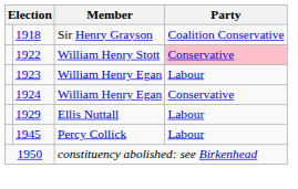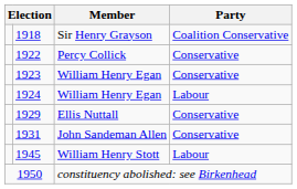 <table class="wikitable">
 <tr>
 <th colspan="2">Election</th>
 <th>Member</th>
 <th>Party</th>
 </tr>
 <tr>
 <td style="color:inherit;background-color: "></td>
 <td><a href='#'>1918</a></td>
 <td>Sir <a href='#'>Henry Grayson</a></td>
 <td><a href='#'>Coalition Conservative</a></td>
 </tr>
 <tr>
 <td style="color:inherit;background-color: "></td>
 <td><a href='#'>1922</a></td>
-<td><a href='#'>William Henry Stott</a></td>
-<td style="background: pink;"><a href='#'>Conservative</a></td>
+<td><a href='#'>Percy Collick</a></td>
+<td><a href='#'>Conservative</a></td>
 </tr>
 <tr>
 <td style="color:inherit;background-color: "></td>
 <td><a href='#'>1923</a></td>
 <td><a href='#'>William Henry Egan</a></td>
-<td><a href='#'>Labour</a></td>
+<td><a href='#'>Conservative</a></td>
 </tr>
 <tr>
 <td style="color:inherit;background-color: "></td>
 <td><a href='#'>1924</a></td>
 <td><a href='#'>William Henry Egan</a></td>
-<td><a href='#'>Conservative</a></td>
+<td><a href='#'>Labour</a></td>
 </tr>
 <tr>
 <td style="color:inherit;background-color: "></td>
 <td><a href='#'>1929</a></td>
 <td><a href='#'>Ellis Nuttall</a></td>
-<td><a href='#'>Labour</a></td>
+<td><a href='#'>Conservative</a></td>
+</tr>
+<tr>
+<td style="color:inherit;background-color: "></td>
+<td><a href='#'>1931</a></td>
+<td><a href='#'>John Sandeman Allen</a></td>
+<td><a href='#'>Conservative</a></td>
 </tr>
 <tr>
 <td style="color:inherit;background-color: "></td>
 <td><a href='#'>1945</a></td>
-<td><a href='#'>Percy Collick</a></td>
+<td><a href='#'>William Henry Stott</a></td>
 <td><a href='#'>Labour</a></td>
 </tr>
 <tr>
 <td colspan="2" align="center"><a href='#'>1950</a></td>
 <td colspan="2"><em>constituency abolished: see <a href='#'>Birkenhead</a></em></td>
 </tr>
 </table>
